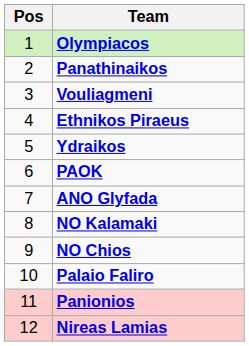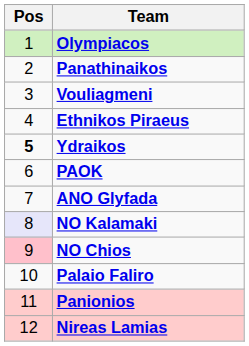 <table class="wikitable sortable" style="text-align:center">
 <tr>
 <th width="40">Pos</th>
 <th width="180">Team</th>
 </tr>
 <tr style="background: #D0F0C0;">
 <td>1</td>
 <td align=left><strong> <a href='#'>Olympiacos</a> </strong></td>
 </tr>
 <tr>
 <td>2</td>
 <td align=left><strong> <a href='#'>Panathinaikos</a></strong></td>
 </tr>
 <tr>
 <td>3</td>
 <td align=left><strong> <a href='#'>Vouliagmeni</a></strong></td>
 </tr>
 <tr>
 <td>4</td>
 <td align=left><strong> <a href='#'>Ethnikos Piraeus</a> </strong></td>
 </tr>
 <tr>
-<td>5</td>
+<td><strong>5</strong></td>
 <td align=left><strong> <a href='#'>Ydraikos</a></strong></td>
 </tr>
 <tr>
 <td>6</td>
 <td align=left><strong> <a href='#'>PAOK</a></strong></td>
 </tr>
 <tr>
 <td>7</td>
 <td align=left><strong> <a href='#'>ANO Glyfada</a> </strong></td>
 </tr>
 <tr>
-<td>8</td>
+<td style="background: lavender;">8</td>
 <td align=left><strong> <a href='#'>NO Kalamaki</a></strong></td>
 </tr>
 <tr>
-<td>9</td>
+<td style="background: pink;">9</td>
 <td align=left><strong> <a href='#'>NO Chios</a> </strong></td>
 </tr>
 <tr>
 <td>10</td>
 <td align=left><strong> <a href='#'>Palaio Faliro</a> </strong></td>
 </tr>
 <tr style="background: #FFCCCC;">
 <td>11</td>
 <td align=left><strong> <a href='#'>Panionios</a> </strong></td>
 </tr>
 <tr style="background: #FFCCCC;">
 <td>12</td>
 <td align=left><strong> <a href='#'>Nireas Lamias</a> </strong></td>
 </tr>
 </table>
